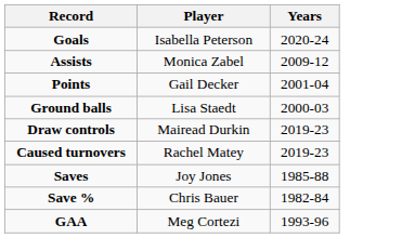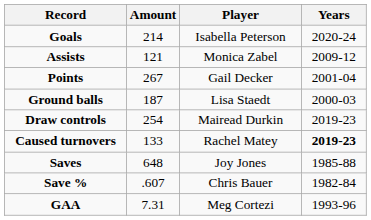 <table class="wikitable">
 <tr>
 <th style="width:140px; ">Record</th>
+<th style="width:35px; ">Amount</th>
 <th style="width:140px; ">Player</th>
 <th style="width:70px; ">Years</th>
 </tr>
 <tr style="text-align:center;">
 <td><strong>Goals</strong></td>
+<td>214</td>
 <td>Isabella Peterson</td>
 <td>2020-24</td>
 </tr>
 <tr style="text-align:center;">
 <td><strong>Assists</strong></td>
+<td>121</td>
 <td>Monica Zabel</td>
 <td>2009-12</td>
 </tr>
 <tr style="text-align:center;">
 <td><strong>Points</strong></td>
+<td>267</td>
 <td>Gail Decker</td>
 <td>2001-04</td>
 </tr>
 <tr style="text-align:center;">
 <td><strong>Ground balls</strong></td>
+<td>187</td>
 <td>Lisa Staedt</td>
 <td>2000-03</td>
 </tr>
 <tr style="text-align:center;">
 <td><strong>Draw controls</strong></td>
+<td>254</td>
 <td>Mairead Durkin</td>
 <td>2019-23</td>
 </tr>
 <tr style="text-align:center;">
 <td><strong>Caused turnovers</strong></td>
+<td>133</td>
 <td>Rachel Matey</td>
-<td>2019-23</td>
+<td><strong>2019-23</strong></td>
 </tr>
 <tr style="text-align:center;">
 <td><strong>Saves</strong></td>
+<td>648</td>
 <td>Joy Jones</td>
 <td>1985-88</td>
 </tr>
 <tr style="text-align:center;">
 <td><strong>Save %</strong></td>
+<td>.607</td>
 <td>Chris Bauer</td>
 <td>1982-84</td>
 </tr>
 <tr style="text-align:center;">
 <td><strong>GAA</strong></td>
+<td>7.31</td>
 <td>Meg Cortezi</td>
 <td>1993-96</td>
 </tr>
 </table>
